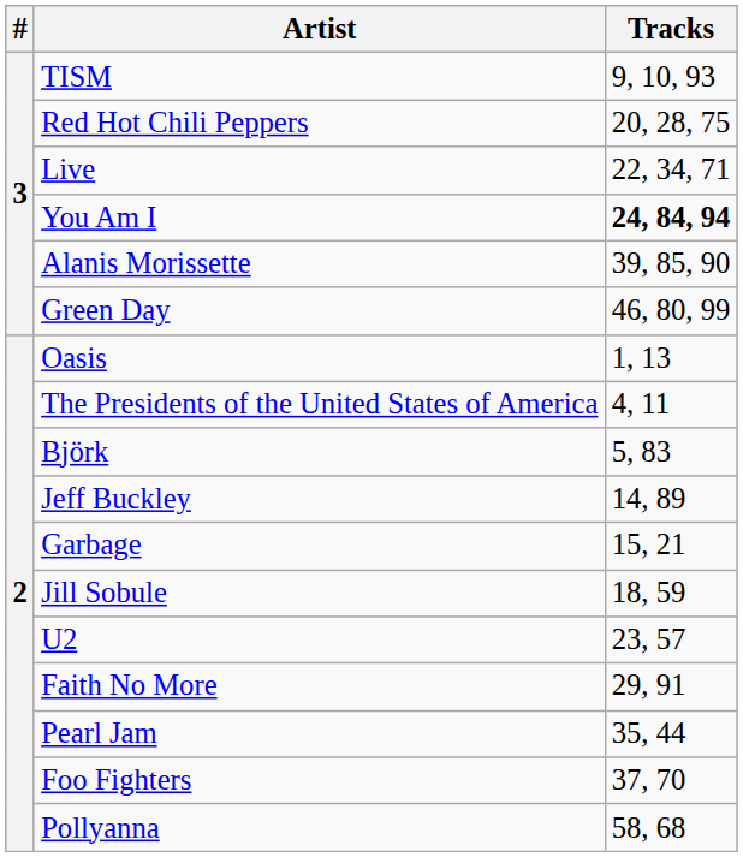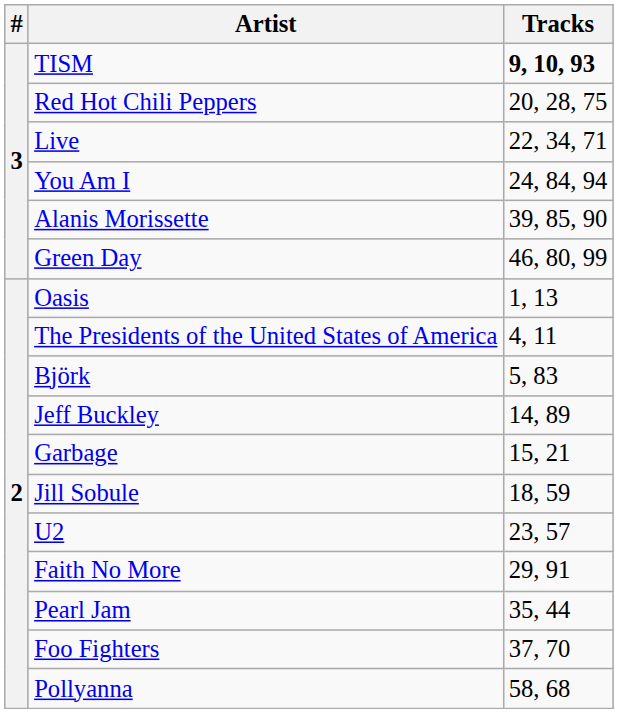 <table class="wikitable sortable">
 <tr>
 <th>#</th>
 <th>Artist</th>
 <th>Tracks</th>
 </tr>
 <tr>
 <th rowspan="6">3</th>
 <td><a href='#'>TISM</a></td>
-<td>9, 10, 93</td>
+<td><strong>9, 10, 93</strong></td>
 </tr>
 <tr>
 <td><a href='#'>Red Hot Chili Peppers</a></td>
 <td>20, 28, 75</td>
 </tr>
 <tr>
 <td><a href='#'>Live</a></td>
 <td>22, 34, 71</td>
 </tr>
 <tr>
 <td><a href='#'>You Am I</a></td>
-<td><strong>24, 84, 94</strong></td>
+<td>24, 84, 94</td>
 </tr>
 <tr>
 <td><a href='#'>Alanis Morissette</a></td>
 <td>39, 85, 90</td>
 </tr>
 <tr>
 <td><a href='#'>Green Day</a></td>
 <td>46, 80, 99</td>
 </tr>
 <tr>
 <th rowspan="11">2</th>
 <td><a href='#'>Oasis</a></td>
 <td>1, 13</td>
 </tr>
 <tr>
 <td><a href='#'>The Presidents of the United States of America</a></td>
 <td>4, 11</td>
 </tr>
 <tr>
 <td><a href='#'>Björk</a></td>
 <td>5, 83</td>
 </tr>
 <tr>
 <td><a href='#'>Jeff Buckley</a></td>
 <td>14, 89</td>
 </tr>
 <tr>
 <td><a href='#'>Garbage</a></td>
 <td>15, 21</td>
 </tr>
 <tr>
 <td><a href='#'>Jill Sobule</a></td>
 <td>18, 59</td>
 </tr>
 <tr>
 <td><a href='#'>U2</a></td>
 <td>23, 57</td>
 </tr>
 <tr>
 <td><a href='#'>Faith No More</a></td>
 <td>29, 91</td>
 </tr>
 <tr>
 <td><a href='#'>Pearl Jam</a></td>
 <td>35, 44</td>
 </tr>
 <tr>
 <td><a href='#'>Foo Fighters</a></td>
 <td>37, 70</td>
 </tr>
 <tr>
 <td><a href='#'>Pollyanna</a></td>
 <td>58, 68</td>
 </tr>
 </table>
